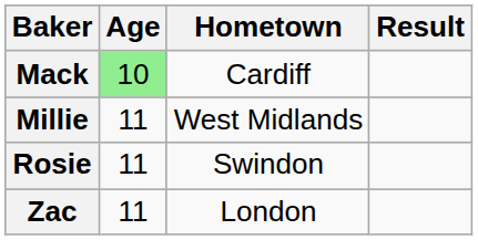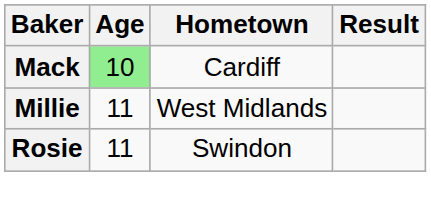 <table class="wikitable sortable" style="display:inline-table; text-align:center">
 <tr>
 <th scope="col">Baker</th>
 <th scope="col">Age</th>
 <th scope="col">Hometown</th>
 <th scope="col">Result</th>
 </tr>
 <tr>
 <th scope="row">Mack</th>
 <td style="background: lightgreen;">10</td>
 <td>Cardiff</td>
 <td></td>
 </tr>
 <tr>
 <th scope="row">Millie</th>
 <td>11</td>
 <td>West Midlands</td>
 <td></td>
 </tr>
 <tr>
 <th scope="row">Rosie</th>
 <td>11</td>
 <td>Swindon</td>
 <td></td>
 </tr>
-<tr>
-<th scope="row">Zac</th>
-<td>11</td>
-<td>London</td>
-<td></td>
-</tr>
 </table>
